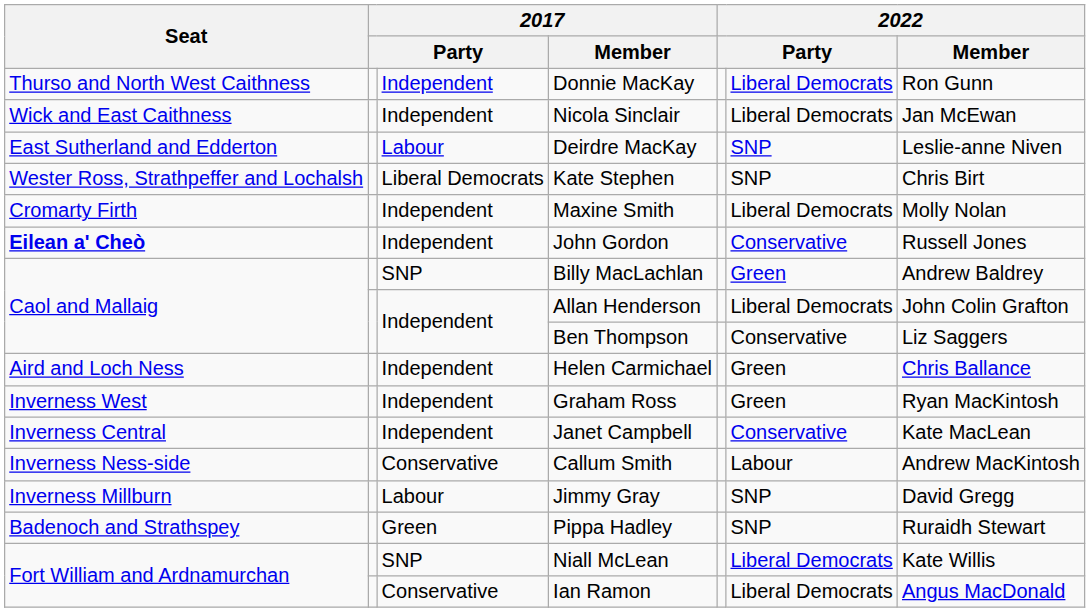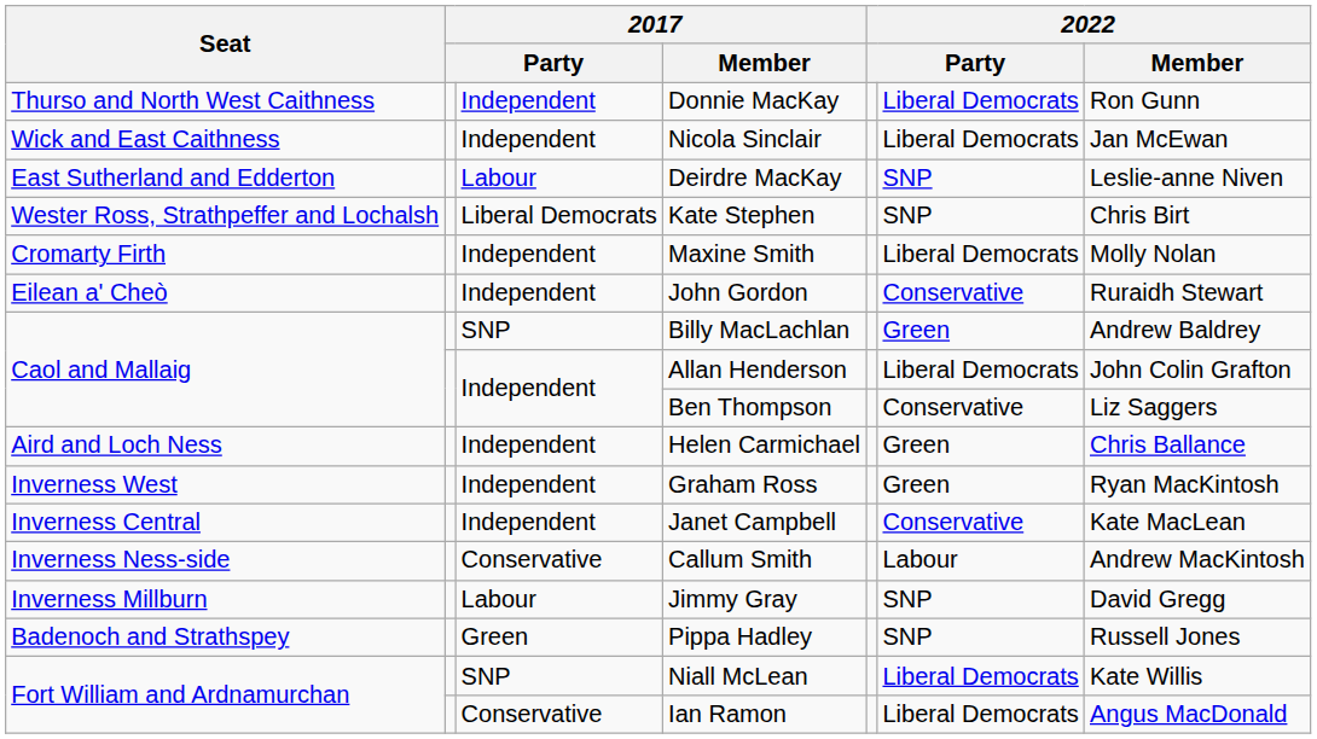 <table class="wikitable">
 <tr>
 <th scope="col" rowspan="2" style="text-align:center">Seat</th>
 <th scope="col" colspan="3" style="text-align:center"><em>2017</em></th>
 <th scope="col" colspan="3" style="text-align:center"><em>2022</em></th>
 </tr>
 <tr>
 <th colspan="2" style="text-align:center">Party</th>
 <th style="text-align:center">Member</th>
 <th colspan="2" style="text-align:center">Party</th>
 <th style="text-align:center">Member</th>
 </tr>
 <tr>
 <td scope="row"><a href='#'>Thurso and North West Caithness</a></td>
 <td></td>
 <td><a href='#'>Independent</a></td>
 <td>Donnie MacKay</td>
 <td></td>
 <td><a href='#'>Liberal Democrats</a></td>
 <td>Ron Gunn</td>
 </tr>
 <tr>
 <td scope="row"><a href='#'>Wick and East Caithness</a></td>
 <td></td>
 <td>Independent</td>
 <td>Nicola Sinclair</td>
 <td></td>
 <td>Liberal Democrats</td>
 <td>Jan McEwan</td>
 </tr>
 <tr>
 <td scope="row"><a href='#'>East Sutherland and Edderton</a></td>
 <td></td>
 <td><a href='#'>Labour</a></td>
 <td>Deirdre MacKay</td>
 <td></td>
 <td><a href='#'>SNP</a></td>
 <td>Leslie-anne Niven</td>
 </tr>
 <tr>
 <td scope="row"><a href='#'>Wester Ross, Strathpeffer and Lochalsh</a></td>
 <td></td>
 <td>Liberal Democrats</td>
 <td>Kate Stephen</td>
 <td></td>
 <td>SNP</td>
 <td>Chris Birt</td>
 </tr>
 <tr>
 <td scope="row"><a href='#'>Cromarty Firth</a></td>
 <td></td>
 <td>Independent</td>
 <td>Maxine Smith</td>
 <td></td>
 <td>Liberal Democrats</td>
 <td>Molly Nolan</td>
 </tr>
 <tr>
-<td scope="row"><strong><a href='#'>Eilean a' Cheò</a></strong></td>
+<td scope="row"><a href='#'>Eilean a' Cheò</a></td>
 <td></td>
 <td>Independent</td>
 <td>John Gordon</td>
 <td></td>
 <td><a href='#'>Conservative</a></td>
-<td>Russell Jones</td>
+<td>Ruraidh Stewart</td>
 </tr>
 <tr>
 <td scope="row" rowspan="3"><a href='#'>Caol and Mallaig</a></td>
 <td></td>
 <td>SNP</td>
 <td>Billy MacLachlan</td>
 <td></td>
 <td><a href='#'>Green</a></td>
 <td>Andrew Baldrey</td>
 </tr>
 <tr>
 <td rowspan="2"></td>
 <td rowspan="2">Independent</td>
 <td>Allan Henderson</td>
 <td></td>
 <td>Liberal Democrats</td>
 <td>John Colin Grafton</td>
 </tr>
 <tr>
 <td>Ben Thompson</td>
 <td></td>
 <td>Conservative</td>
 <td>Liz Saggers</td>
 </tr>
 <tr>
 <td scope="row"><a href='#'>Aird and Loch Ness</a></td>
 <td></td>
 <td>Independent</td>
 <td>Helen Carmichael</td>
 <td></td>
 <td>Green</td>
 <td><a href='#'>Chris Ballance</a></td>
 </tr>
 <tr>
 <td scope="row"><a href='#'>Inverness West</a></td>
 <td></td>
 <td>Independent</td>
 <td>Graham Ross</td>
 <td></td>
 <td>Green</td>
 <td>Ryan MacKintosh</td>
 </tr>
 <tr>
 <td scope="row"><a href='#'>Inverness Central</a></td>
 <td></td>
 <td>Independent</td>
 <td>Janet Campbell</td>
 <td></td>
 <td><a href='#'>Conservative</a></td>
 <td>Kate MacLean</td>
 </tr>
 <tr>
 <td scope="row"><a href='#'>Inverness Ness-side</a></td>
 <td></td>
 <td>Conservative</td>
 <td>Callum Smith</td>
 <td></td>
 <td>Labour</td>
 <td>Andrew MacKintosh</td>
 </tr>
 <tr>
 <td scope="row"><a href='#'>Inverness Millburn</a></td>
 <td></td>
 <td>Labour</td>
 <td>Jimmy Gray</td>
 <td></td>
 <td>SNP</td>
 <td>David Gregg</td>
 </tr>
 <tr>
 <td scope="row"><a href='#'>Badenoch and Strathspey</a></td>
 <td></td>
 <td>Green</td>
 <td>Pippa Hadley</td>
 <td></td>
 <td>SNP</td>
-<td>Ruraidh Stewart</td>
+<td>Russell Jones</td>
 </tr>
 <tr>
 <td scope="row" rowspan="2"><a href='#'>Fort William and Ardnamurchan</a></td>
 <td></td>
 <td>SNP</td>
 <td>Niall McLean</td>
 <td></td>
 <td><a href='#'>Liberal Democrats</a></td>
 <td>Kate Willis</td>
 </tr>
 <tr>
 <td></td>
 <td>Conservative</td>
 <td>Ian Ramon</td>
 <td></td>
 <td>Liberal Democrats</td>
 <td><a href='#'>Angus MacDonald</a></td>
 </tr>
 </table>
